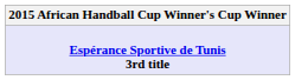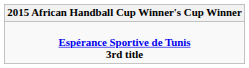 <table class=wikitable style="text-align:center; margin:auto">
 <tr>
 <th>2015 African Handball Cup Winner's Cup Winner</th>
 </tr>
 <tr>
-<td style="background: lavender;"><br><strong><a href='#'>Espérance Sportive de Tunis</a></strong><br><strong>3rd title</strong></td>
+<td><br><strong><a href='#'>Espérance Sportive de Tunis</a></strong><br><strong>3rd title</strong></td>
 </tr>
 </table>
